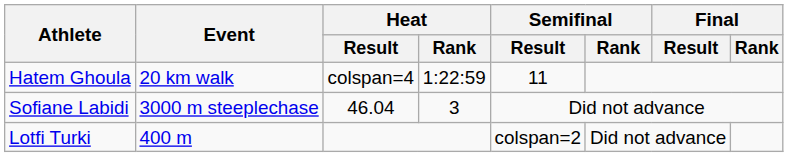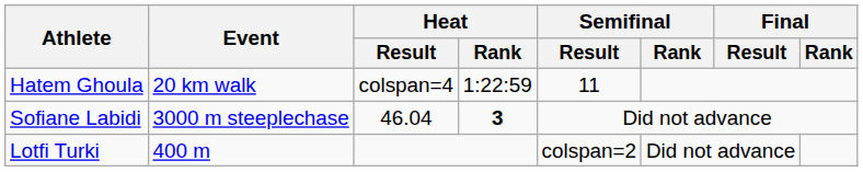 <table class=wikitable style="font-size:90%">
 <tr>
 <th rowspan="2">Athlete</th>
 <th rowspan="2">Event</th>
 <th colspan="2">Heat</th>
 <th colspan="2">Semifinal</th>
 <th colspan="2">Final</th>
 </tr>
 <tr style="font-size:95%">
 <th>Result</th>
 <th>Rank</th>
 <th>Result</th>
 <th>Rank</th>
 <th>Result</th>
 <th>Rank</th>
 </tr>
 <tr align=center>
 <td align=left><a href='#'>Hatem Ghoula</a></td>
 <td align=left><a href='#'>20 km walk</a></td>
 <td>colspan=4 </td>
 <td>1:22:59</td>
 <td>11</td>
 </tr>
 <tr align=center>
 <td align=left><a href='#'>Sofiane Labidi</a></td>
 <td align=left><a href='#'>3000 m steeplechase</a></td>
 <td>46.04</td>
-<td>3</td>
+<td><strong>3</strong></td>
 <td colspan=4>Did not advance</td>
 </tr>
 <tr align=center>
 <td align=left><a href='#'>Lotfi Turki</a></td>
 <td align=left><a href='#'>400 m</a></td>
 <td colspan=2></td>
 <td>colspan=2 </td>
 <td colspan=2>Did not advance</td>
 </tr>
 </table>
